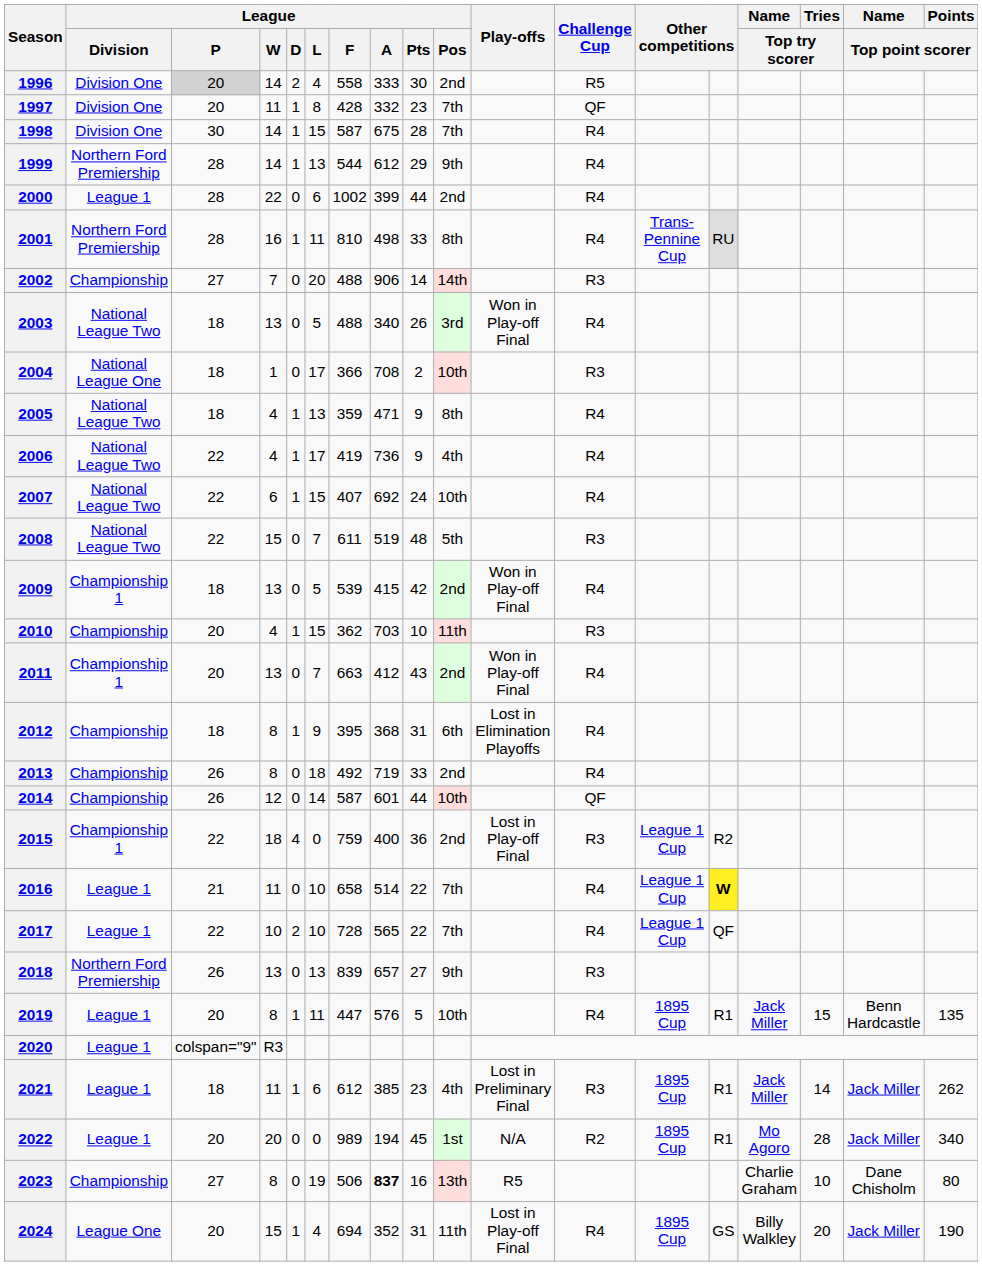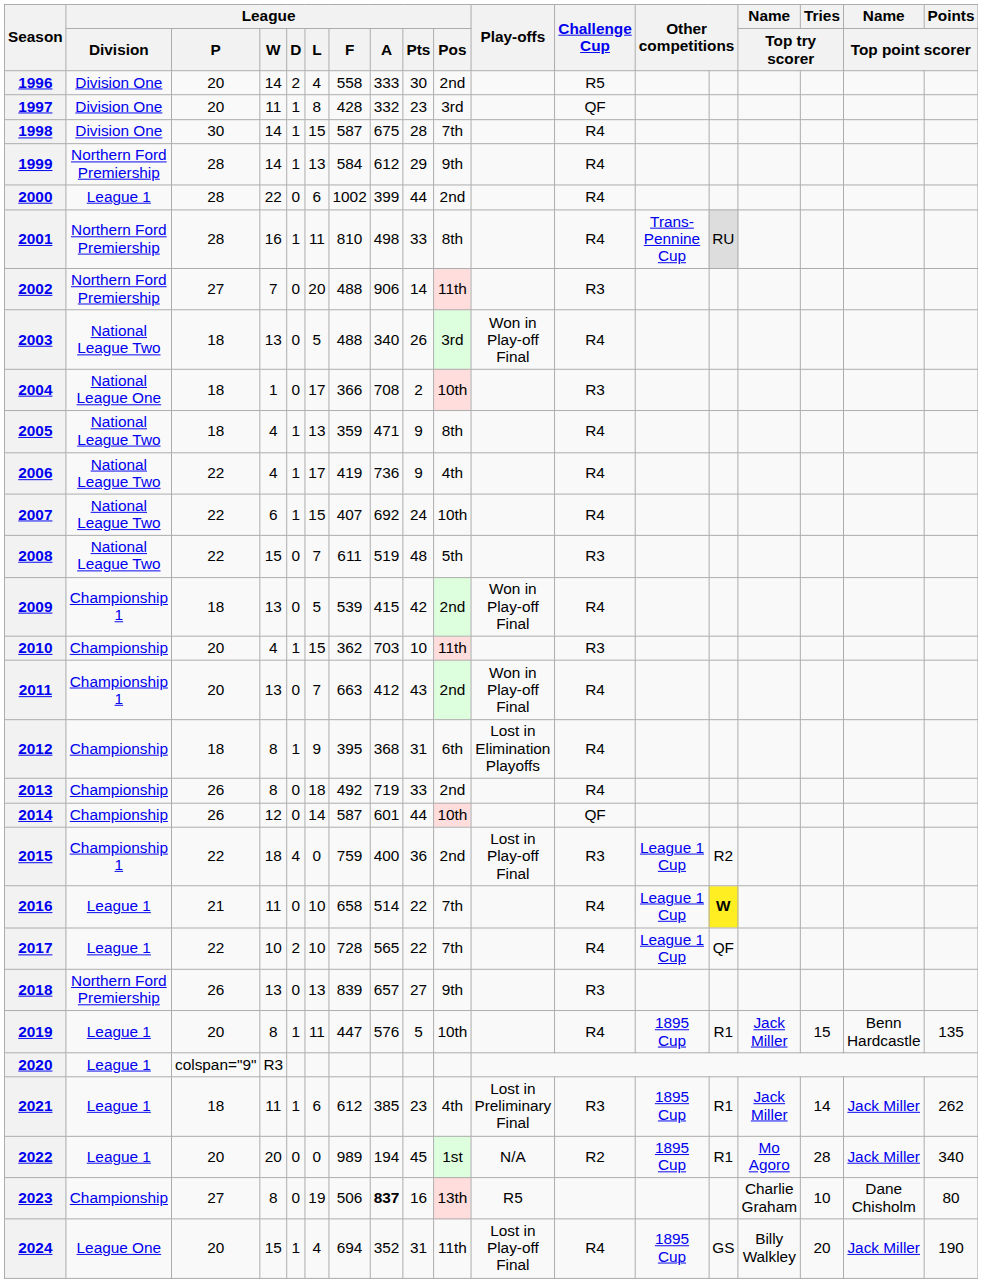 <table class="wikitable plainrowheaders" style="text-align: center">
 <tr>
 <th rowspan="2" scope="col">Season</th>
 <th colspan="9" scope="col">League</th>
 <th rowspan="2" scope="col">Play-offs</th>
 <th rowspan="2" scope="col"><a href='#'>Challenge Cup</a></th>
 <th colspan="2" rowspan="2" scope="col">Other competitions</th>
 <th scope="col">Name</th>
 <th scope="col">Tries</th>
 <th scope="col">Name</th>
 <th scope="col">Points</th>
 </tr>
 <tr>
 <th scope="col">Division</th>
 <th scope="col">P</th>
 <th scope="col">W</th>
 <th scope="col">D</th>
 <th scope="col">L</th>
 <th scope="col">F</th>
 <th scope="col">A</th>
 <th scope="col">Pts</th>
 <th scope="col">Pos</th>
 <th colspan="2" scope="col">Top try scorer</th>
 <th colspan="2" scope="col">Top point scorer</th>
 </tr>
 <tr>
 <th scope="row" style="text-align: center"><a href='#'>1996</a></th>
 <td><a href='#'>Division One</a></td>
-<td style="background: lightgrey;">20</td>
+<td>20</td>
 <td>14</td>
 <td>2</td>
 <td>4</td>
 <td>558</td>
 <td>333</td>
 <td>30</td>
 <td>2nd</td>
 <td></td>
 <td>R5</td>
 <td></td>
 <td></td>
 <td></td>
 <td></td>
 <td></td>
 <td></td>
 </tr>
 <tr>
 <th scope="row" style="text-align: center"><a href='#'>1997</a></th>
 <td><a href='#'>Division One</a></td>
 <td>20</td>
 <td>11</td>
 <td>1</td>
 <td>8</td>
 <td>428</td>
 <td>332</td>
 <td>23</td>
-<td>7th</td>
+<td>3rd</td>
 <td></td>
 <td>QF</td>
 <td></td>
 <td></td>
 <td></td>
 <td></td>
 <td></td>
 <td></td>
 </tr>
 <tr>
 <th scope="row" style="text-align: center"><a href='#'>1998</a></th>
 <td><a href='#'>Division One</a></td>
 <td>30</td>
 <td>14</td>
 <td>1</td>
 <td>15</td>
 <td>587</td>
 <td>675</td>
 <td>28</td>
 <td>7th</td>
 <td></td>
 <td>R4</td>
 <td></td>
 <td></td>
 <td></td>
 <td></td>
 <td></td>
 <td></td>
 </tr>
 <tr>
 <th scope="row" style="text-align: center"><a href='#'>1999</a></th>
 <td><a href='#'>Northern Ford Premiership</a></td>
 <td>28</td>
 <td>14</td>
 <td>1</td>
 <td>13</td>
-<td>544</td>
+<td>584</td>
 <td>612</td>
 <td>29</td>
 <td>9th</td>
 <td></td>
 <td>R4</td>
 <td></td>
 <td></td>
 <td></td>
 <td></td>
 <td></td>
 <td></td>
 </tr>
 <tr>
 <th scope="row" style="text-align: center"><a href='#'>2000</a></th>
 <td><a href='#'>League 1</a></td>
 <td>28</td>
 <td>22</td>
 <td>0</td>
 <td>6</td>
 <td>1002</td>
 <td>399</td>
 <td>44</td>
 <td>2nd</td>
 <td></td>
 <td>R4</td>
 <td></td>
 <td></td>
 <td></td>
 <td></td>
 <td></td>
 <td></td>
 </tr>
 <tr>
 <th scope="row" style="text-align: center"><a href='#'>2001</a></th>
 <td><a href='#'>Northern Ford Premiership</a></td>
 <td>28</td>
 <td>16</td>
 <td>1</td>
 <td>11</td>
 <td>810</td>
 <td>498</td>
 <td>33</td>
 <td>8th</td>
 <td></td>
 <td>R4</td>
 <td><a href='#'>Trans-Pennine Cup</a></td>
 <td style="background-color:#DDD">RU</td>
 <td></td>
 <td></td>
 <td></td>
 <td></td>
 </tr>
 <tr>
 <th scope="row" style="text-align: center"><a href='#'>2002</a></th>
-<td><a href='#'>Championship</a></td>
+<td><a href='#'>Northern Ford Premiership</a></td>
 <td>27</td>
 <td>7</td>
 <td>0</td>
 <td>20</td>
 <td>488</td>
 <td>906</td>
 <td>14</td>
-<td style="background:#ffdddd;">14th</td>
+<td style="background:#ffdddd;">11th</td>
 <td></td>
 <td>R3</td>
 <td></td>
 <td></td>
 <td></td>
 <td></td>
 <td></td>
 <td></td>
 </tr>
 <tr>
 <th scope="row" style="text-align: center"><a href='#'>2003</a></th>
 <td><a href='#'>National League Two</a></td>
 <td>18</td>
 <td>13</td>
 <td>0</td>
 <td>5</td>
 <td>488</td>
 <td>340</td>
 <td>26</td>
 <td style="background:#ddffdd;">3rd</td>
 <td>Won in Play-off Final</td>
 <td>R4</td>
 <td></td>
 <td></td>
 <td></td>
 <td></td>
 <td></td>
 <td></td>
 </tr>
 <tr>
 <th scope="row" style="text-align: center"><a href='#'>2004</a></th>
 <td><a href='#'>National League One</a></td>
 <td>18</td>
 <td>1</td>
 <td>0</td>
 <td>17</td>
 <td>366</td>
 <td>708</td>
 <td>2</td>
 <td style="background:#ffdddd;">10th</td>
 <td></td>
 <td>R3</td>
 <td></td>
 <td></td>
 <td></td>
 <td></td>
 <td></td>
 <td></td>
 </tr>
 <tr>
 <th scope="row" style="text-align: center"><a href='#'>2005</a></th>
 <td><a href='#'>National League Two</a></td>
 <td>18</td>
 <td>4</td>
 <td>1</td>
 <td>13</td>
 <td>359</td>
 <td>471</td>
 <td>9</td>
 <td>8th</td>
 <td></td>
 <td>R4</td>
 <td></td>
 <td></td>
 <td></td>
 <td></td>
 <td></td>
 <td></td>
 </tr>
 <tr>
 <th scope="row" style="text-align: center"><a href='#'>2006</a></th>
 <td><a href='#'>National League Two</a></td>
 <td>22</td>
 <td>4</td>
 <td>1</td>
 <td>17</td>
 <td>419</td>
 <td>736</td>
 <td>9</td>
 <td>4th</td>
 <td></td>
 <td>R4</td>
 <td></td>
 <td></td>
 <td></td>
 <td></td>
 <td></td>
 <td></td>
 </tr>
 <tr>
 <th scope="row" style="text-align: center"><a href='#'>2007</a></th>
 <td><a href='#'>National League Two</a></td>
 <td>22</td>
 <td>6</td>
 <td>1</td>
 <td>15</td>
 <td>407</td>
 <td>692</td>
 <td>24</td>
 <td>10th</td>
 <td></td>
 <td>R4</td>
 <td></td>
 <td></td>
 <td></td>
 <td></td>
 <td></td>
 <td></td>
 </tr>
 <tr>
 <th scope="row" style="text-align: center"><a href='#'>2008</a></th>
 <td><a href='#'>National League Two</a></td>
 <td>22</td>
 <td>15</td>
 <td>0</td>
 <td>7</td>
 <td>611</td>
 <td>519</td>
 <td>48</td>
 <td>5th</td>
 <td></td>
 <td>R3</td>
 <td></td>
 <td></td>
 <td></td>
 <td></td>
 <td></td>
 <td></td>
 </tr>
 <tr>
 <th scope="row" style="text-align: center"><a href='#'>2009</a></th>
 <td><a href='#'>Championship 1</a></td>
 <td>18</td>
 <td>13</td>
 <td>0</td>
 <td>5</td>
 <td>539</td>
 <td>415</td>
 <td>42</td>
 <td style="background:#ddffdd;">2nd</td>
 <td>Won in Play-off Final</td>
 <td>R4</td>
 <td></td>
 <td></td>
 <td></td>
 <td></td>
 <td></td>
 <td></td>
 </tr>
 <tr>
 <th scope="row" style="text-align: center"><a href='#'>2010</a></th>
 <td><a href='#'>Championship</a></td>
 <td>20</td>
 <td>4</td>
 <td>1</td>
 <td>15</td>
 <td>362</td>
 <td>703</td>
 <td>10</td>
 <td style="background:#ffdddd;">11th</td>
 <td></td>
 <td>R3</td>
 <td></td>
 <td></td>
 <td></td>
 <td></td>
 <td></td>
 <td></td>
 </tr>
 <tr>
 <th scope="row" style="text-align: center"><a href='#'>2011</a></th>
 <td><a href='#'>Championship 1</a></td>
 <td>20</td>
 <td>13</td>
 <td>0</td>
 <td>7</td>
 <td>663</td>
 <td>412</td>
 <td>43</td>
 <td style="background:#ddffdd;">2nd</td>
 <td>Won in Play-off Final</td>
 <td>R4</td>
 <td></td>
 <td></td>
 <td></td>
 <td></td>
 <td></td>
 <td></td>
 </tr>
 <tr>
 <th scope="row" style="text-align: center"><a href='#'>2012</a></th>
 <td><a href='#'>Championship</a></td>
 <td>18</td>
 <td>8</td>
 <td>1</td>
 <td>9</td>
 <td>395</td>
 <td>368</td>
 <td>31</td>
 <td>6th</td>
 <td>Lost in Elimination Playoffs</td>
 <td>R4</td>
 <td></td>
 <td></td>
 <td></td>
 <td></td>
 <td></td>
 <td></td>
 </tr>
 <tr>
 <th scope="row" style="text-align: center"><a href='#'>2013</a></th>
 <td><a href='#'>Championship</a></td>
 <td>26</td>
 <td>8</td>
 <td>0</td>
 <td>18</td>
 <td>492</td>
 <td>719</td>
 <td>33</td>
 <td>2nd</td>
 <td></td>
 <td>R4</td>
 <td></td>
 <td></td>
 <td></td>
 <td></td>
 <td></td>
 <td></td>
 </tr>
 <tr>
 <th scope="row" style="text-align: center"><a href='#'>2014</a></th>
 <td><a href='#'>Championship</a></td>
 <td>26</td>
 <td>12</td>
 <td>0</td>
 <td>14</td>
 <td>587</td>
 <td>601</td>
 <td>44</td>
 <td style="background:#ffdddd;">10th</td>
 <td></td>
 <td>QF</td>
 <td></td>
 <td></td>
 <td></td>
 <td></td>
 <td></td>
 <td></td>
 </tr>
 <tr>
 <th scope="row" style="text-align: center"><a href='#'>2015</a></th>
 <td><a href='#'>Championship 1</a></td>
 <td>22</td>
 <td>18</td>
 <td>4</td>
 <td>0</td>
 <td>759</td>
 <td>400</td>
 <td>36</td>
 <td>2nd</td>
 <td>Lost in Play-off Final</td>
 <td>R3</td>
 <td><a href='#'>League 1 Cup</a></td>
 <td>R2</td>
 <td></td>
 <td></td>
 <td></td>
 <td></td>
 </tr>
 <tr>
 <th scope="row" style="text-align: center"><a href='#'>2016</a></th>
 <td><a href='#'>League 1</a></td>
 <td>21</td>
 <td>11</td>
 <td>0</td>
 <td>10</td>
 <td>658</td>
 <td>514</td>
 <td>22</td>
 <td>7th</td>
 <td></td>
 <td>R4</td>
 <td><a href='#'>League 1 Cup</a></td>
 <td style="background-color:#FE2"><strong>W</strong></td>
 <td></td>
 <td></td>
 <td></td>
 <td></td>
 </tr>
 <tr>
 <th scope="row" style="text-align: center"><a href='#'>2017</a></th>
 <td><a href='#'>League 1</a></td>
 <td>22</td>
 <td>10</td>
 <td>2</td>
 <td>10</td>
 <td>728</td>
 <td>565</td>
 <td>22</td>
 <td>7th</td>
 <td></td>
 <td>R4</td>
 <td><a href='#'>League 1 Cup</a></td>
 <td>QF</td>
 <td></td>
 <td></td>
 <td></td>
 <td></td>
 </tr>
 <tr>
 <th scope="row" style="text-align: center"><a href='#'>2018</a></th>
 <td><a href='#'>Northern Ford Premiership</a></td>
 <td>26</td>
 <td>13</td>
 <td>0</td>
 <td>13</td>
 <td>839</td>
 <td>657</td>
 <td>27</td>
 <td>9th</td>
 <td></td>
 <td>R3</td>
 <td></td>
 <td></td>
 <td></td>
 <td></td>
 <td></td>
 <td></td>
 </tr>
 <tr>
 <th scope="row" style="text-align: center"><a href='#'>2019</a></th>
 <td><a href='#'>League 1</a></td>
 <td>20</td>
 <td>8</td>
 <td>1</td>
 <td>11</td>
 <td>447</td>
 <td>576</td>
 <td>5</td>
 <td>10th</td>
 <td></td>
 <td>R4</td>
 <td><a href='#'>1895 Cup</a></td>
 <td>R1</td>
 <td><a href='#'>Jack Miller</a></td>
 <td>15</td>
 <td>Benn Hardcastle</td>
 <td>135</td>
 </tr>
 <tr>
 <th scope="row" style="text-align: center"><a href='#'>2020</a></th>
 <td><a href='#'>League 1</a></td>
 <td>colspan="9"</td>
 <td>R3</td>
 <td></td>
 <td></td>
 <td></td>
 <td></td>
 <td></td>
 <td></td>
 </tr>
 <tr>
 <th scope="row" style="text-align: center"><a href='#'>2021</a></th>
 <td><a href='#'>League 1</a></td>
 <td>18</td>
 <td>11</td>
 <td>1</td>
 <td>6</td>
 <td>612</td>
 <td>385</td>
 <td>23</td>
 <td>4th</td>
 <td>Lost in Preliminary Final</td>
 <td>R3</td>
 <td><a href='#'>1895 Cup</a></td>
 <td>R1</td>
 <td><a href='#'>Jack Miller</a></td>
 <td>14</td>
 <td><a href='#'>Jack Miller</a></td>
 <td>262</td>
 </tr>
 <tr>
 <th scope="row" style="text-align: center"><a href='#'>2022</a></th>
 <td><a href='#'>League 1</a></td>
 <td>20</td>
 <td>20</td>
 <td>0</td>
 <td>0</td>
 <td>989</td>
 <td>194</td>
 <td>45</td>
 <td style="background:#ddffdd;">1st</td>
 <td>N/A</td>
 <td>R2</td>
 <td><a href='#'>1895 Cup</a></td>
 <td>R1</td>
 <td><a href='#'>Mo Agoro</a></td>
 <td>28</td>
 <td><a href='#'>Jack Miller</a></td>
 <td>340</td>
 </tr>
 <tr>
 <th scope="row" style="text-align: center"><a href='#'>2023</a></th>
 <td><a href='#'>Championship</a></td>
 <td>27</td>
 <td>8</td>
 <td>0</td>
 <td>19</td>
 <td>506</td>
 <td><strong>837</strong></td>
 <td>16</td>
 <td style="background:#ffdddd;">13th</td>
 <td>R5</td>
 <td></td>
 <td></td>
 <td></td>
 <td>Charlie Graham</td>
 <td>10</td>
 <td>Dane Chisholm</td>
 <td>80</td>
 </tr>
 <tr>
 <th scope="row" style="text-align: center"><a href='#'>2024</a></th>
 <td><a href='#'>League One</a></td>
 <td>20</td>
 <td>15</td>
 <td>1</td>
 <td>4</td>
 <td>694</td>
 <td>352</td>
 <td>31</td>
 <td>11th</td>
 <td>Lost in Play-off Final</td>
 <td>R4</td>
 <td><a href='#'>1895 Cup</a></td>
 <td>GS</td>
 <td>Billy Walkley</td>
 <td>20</td>
 <td><a href='#'>Jack Miller</a></td>
 <td>190</td>
 </tr>
 </table>
